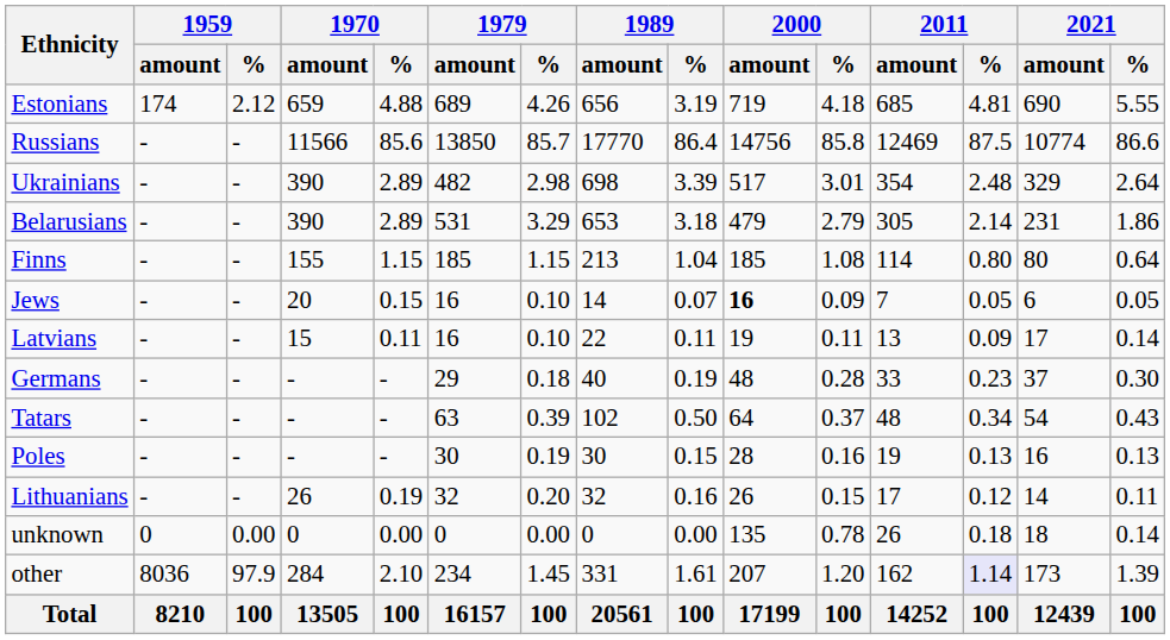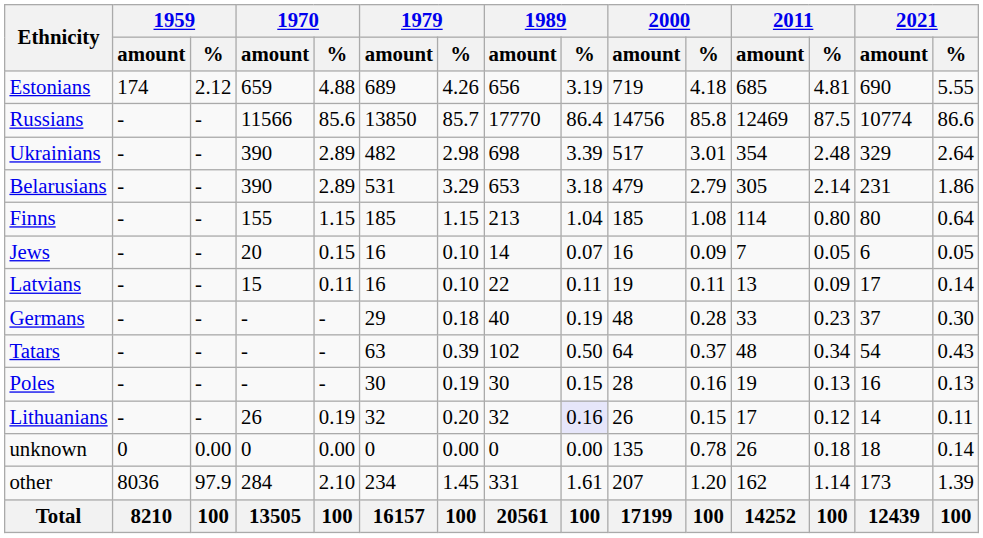 <table class="wikitable sortable">
 <tr>
 <th rowspan="2">Ethnicity</th>
 <th colspan="2"><a href='#'>1959</a></th>
 <th colspan="2"><a href='#'>1970</a></th>
 <th colspan="2"><a href='#'>1979</a></th>
 <th colspan="2"><a href='#'>1989</a></th>
 <th colspan="2"><a href='#'>2000</a></th>
 <th colspan="2"><a href='#'>2011</a></th>
 <th colspan="2"><a href='#'>2021</a></th>
 </tr>
 <tr>
 <th>amount</th>
 <th>%</th>
 <th>amount</th>
 <th>%</th>
 <th>amount</th>
 <th>%</th>
 <th>amount</th>
 <th>%</th>
 <th>amount</th>
 <th>%</th>
 <th>amount</th>
 <th>%</th>
 <th>amount</th>
 <th>%</th>
 </tr>
 <tr>
 <td><a href='#'>Estonians</a></td>
 <td>174</td>
 <td>2.12</td>
 <td>659</td>
 <td>4.88</td>
 <td>689</td>
 <td>4.26</td>
 <td>656</td>
 <td>3.19</td>
 <td>719</td>
 <td>4.18</td>
 <td>685</td>
 <td>4.81</td>
 <td>690</td>
 <td>5.55</td>
 </tr>
 <tr>
 <td><a href='#'>Russians</a></td>
 <td>-</td>
 <td>-</td>
 <td>11566</td>
 <td>85.6</td>
 <td>13850</td>
 <td>85.7</td>
 <td>17770</td>
 <td>86.4</td>
 <td>14756</td>
 <td>85.8</td>
 <td>12469</td>
 <td>87.5</td>
 <td>10774</td>
 <td>86.6</td>
 </tr>
 <tr>
 <td><a href='#'>Ukrainians</a></td>
 <td>-</td>
 <td>-</td>
 <td>390</td>
 <td>2.89</td>
 <td>482</td>
 <td>2.98</td>
 <td>698</td>
 <td>3.39</td>
 <td>517</td>
 <td>3.01</td>
 <td>354</td>
 <td>2.48</td>
 <td>329</td>
 <td>2.64</td>
 </tr>
 <tr>
 <td><a href='#'>Belarusians</a></td>
 <td>-</td>
 <td>-</td>
 <td>390</td>
 <td>2.89</td>
 <td>531</td>
 <td>3.29</td>
 <td>653</td>
 <td>3.18</td>
 <td>479</td>
 <td>2.79</td>
 <td>305</td>
 <td>2.14</td>
 <td>231</td>
 <td>1.86</td>
 </tr>
 <tr>
 <td><a href='#'>Finns</a></td>
 <td>-</td>
 <td>-</td>
 <td>155</td>
 <td>1.15</td>
 <td>185</td>
 <td>1.15</td>
 <td>213</td>
 <td>1.04</td>
 <td>185</td>
 <td>1.08</td>
 <td>114</td>
 <td>0.80</td>
 <td>80</td>
 <td>0.64</td>
 </tr>
 <tr>
 <td><a href='#'>Jews</a></td>
 <td>-</td>
 <td>-</td>
 <td>20</td>
 <td>0.15</td>
 <td>16</td>
 <td>0.10</td>
 <td>14</td>
 <td>0.07</td>
-<td><strong>16</strong></td>
+<td>16</td>
 <td>0.09</td>
 <td>7</td>
 <td>0.05</td>
 <td>6</td>
 <td>0.05</td>
 </tr>
 <tr>
 <td><a href='#'>Latvians</a></td>
 <td>-</td>
 <td>-</td>
 <td>15</td>
 <td>0.11</td>
 <td>16</td>
 <td>0.10</td>
 <td>22</td>
 <td>0.11</td>
 <td>19</td>
 <td>0.11</td>
 <td>13</td>
 <td>0.09</td>
 <td>17</td>
 <td>0.14</td>
 </tr>
 <tr>
 <td><a href='#'>Germans</a></td>
 <td>-</td>
 <td>-</td>
 <td>-</td>
 <td>-</td>
 <td>29</td>
 <td>0.18</td>
 <td>40</td>
 <td>0.19</td>
 <td>48</td>
 <td>0.28</td>
 <td>33</td>
 <td>0.23</td>
 <td>37</td>
 <td>0.30</td>
 </tr>
 <tr>
 <td><a href='#'>Tatars</a></td>
 <td>-</td>
 <td>-</td>
 <td>-</td>
 <td>-</td>
 <td>63</td>
 <td>0.39</td>
 <td>102</td>
 <td>0.50</td>
 <td>64</td>
 <td>0.37</td>
 <td>48</td>
 <td>0.34</td>
 <td>54</td>
 <td>0.43</td>
 </tr>
 <tr>
 <td><a href='#'>Poles</a></td>
 <td>-</td>
 <td>-</td>
 <td>-</td>
 <td>-</td>
 <td>30</td>
 <td>0.19</td>
 <td>30</td>
 <td>0.15</td>
 <td>28</td>
 <td>0.16</td>
 <td>19</td>
 <td>0.13</td>
 <td>16</td>
 <td>0.13</td>
 </tr>
 <tr>
 <td><a href='#'>Lithuanians</a></td>
 <td>-</td>
 <td>-</td>
 <td>26</td>
 <td>0.19</td>
 <td>32</td>
 <td>0.20</td>
 <td>32</td>
-<td>0.16</td>
+<td style="background: lavender;">0.16</td>
 <td>26</td>
 <td>0.15</td>
 <td>17</td>
 <td>0.12</td>
 <td>14</td>
 <td>0.11</td>
 </tr>
 <tr>
 <td>unknown</td>
 <td>0</td>
 <td>0.00</td>
 <td>0</td>
 <td>0.00</td>
 <td>0</td>
 <td>0.00</td>
 <td>0</td>
 <td>0.00</td>
 <td>135</td>
 <td>0.78</td>
 <td>26</td>
 <td>0.18</td>
 <td>18</td>
 <td>0.14</td>
 </tr>
 <tr>
 <td>other</td>
 <td>8036</td>
 <td>97.9</td>
 <td>284</td>
 <td>2.10</td>
 <td>234</td>
 <td>1.45</td>
 <td>331</td>
 <td>1.61</td>
 <td>207</td>
 <td>1.20</td>
 <td>162</td>
-<td style="background: lavender;">1.14</td>
+<td>1.14</td>
 <td>173</td>
 <td>1.39</td>
 </tr>
 <tr>
 <th>Total</th>
 <th>8210</th>
 <th>100</th>
 <th>13505</th>
 <th>100</th>
 <th>16157</th>
 <th>100</th>
 <th>20561</th>
 <th>100</th>
 <th>17199</th>
 <th>100</th>
 <th>14252</th>
 <th>100</th>
 <th>12439</th>
 <th>100</th>
 </tr>
 </table>
